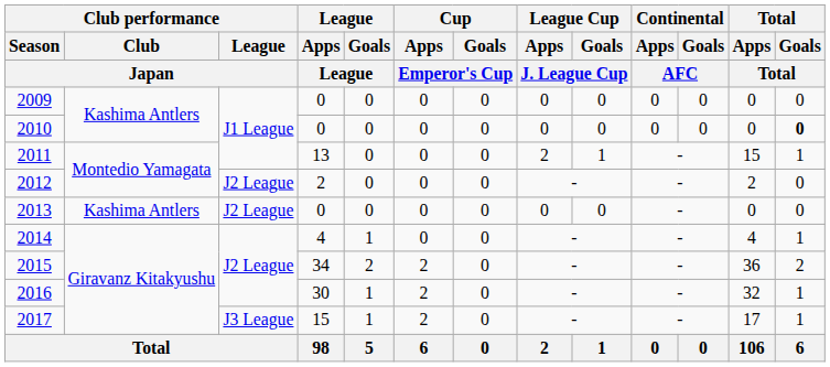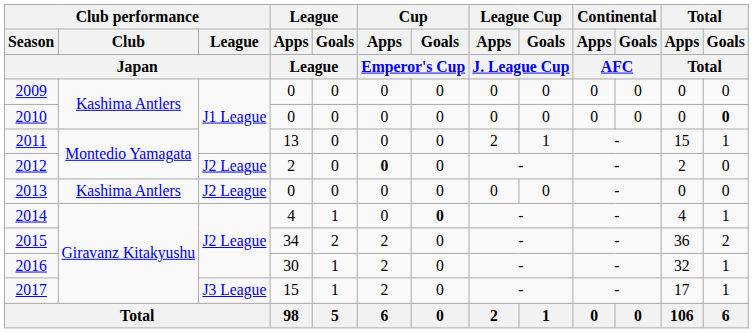 <table class="wikitable" style="text-align:center;">
 <tr>
 <th colspan=3>Club performance</th>
 <th colspan=2>League</th>
 <th colspan=2>Cup</th>
 <th colspan=2>League Cup</th>
 <th colspan=2>Continental</th>
 <th colspan=2>Total</th>
 </tr>
 <tr>
 <th>Season</th>
 <th>Club</th>
 <th>League</th>
 <th>Apps</th>
 <th>Goals</th>
 <th>Apps</th>
 <th>Goals</th>
 <th>Apps</th>
 <th>Goals</th>
 <th>Apps</th>
 <th>Goals</th>
 <th>Apps</th>
 <th>Goals</th>
 </tr>
 <tr>
 <th colspan=3>Japan</th>
 <th colspan=2>League</th>
 <th colspan=2><a href='#'>Emperor's Cup</a></th>
 <th colspan=2><a href='#'>J. League Cup</a></th>
 <th colspan=2><a href='#'>AFC</a></th>
 <th colspan=2>Total</th>
 </tr>
 <tr>
 <td><a href='#'>2009</a></td>
 <td rowspan="2"><a href='#'>Kashima Antlers</a></td>
 <td rowspan="3"><a href='#'>J1 League</a></td>
 <td>0</td>
 <td>0</td>
 <td>0</td>
 <td>0</td>
 <td>0</td>
 <td>0</td>
 <td>0</td>
 <td>0</td>
 <td>0</td>
 <td>0</td>
 </tr>
 <tr>
 <td><a href='#'>2010</a></td>
 <td>0</td>
 <td>0</td>
 <td>0</td>
 <td>0</td>
 <td>0</td>
 <td>0</td>
 <td>0</td>
 <td>0</td>
 <td>0</td>
 <td><strong>0</strong></td>
 </tr>
 <tr>
 <td><a href='#'>2011</a></td>
 <td rowspan="2"><a href='#'>Montedio Yamagata</a></td>
 <td>13</td>
 <td>0</td>
 <td>0</td>
 <td>0</td>
 <td>2</td>
 <td>1</td>
 <td colspan="2">-</td>
 <td>15</td>
 <td>1</td>
 </tr>
 <tr>
 <td><a href='#'>2012</a></td>
 <td><a href='#'>J2 League</a></td>
 <td>2</td>
 <td>0</td>
-<td>0</td>
+<td><strong>0</strong></td>
 <td>0</td>
 <td colspan="2">-</td>
 <td colspan="2">-</td>
 <td>2</td>
 <td>0</td>
 </tr>
 <tr>
 <td><a href='#'>2013</a></td>
 <td><a href='#'>Kashima Antlers</a></td>
 <td><a href='#'>J2 League</a></td>
 <td>0</td>
 <td>0</td>
 <td>0</td>
 <td>0</td>
 <td>0</td>
 <td>0</td>
 <td colspan="2">-</td>
 <td>0</td>
 <td>0</td>
 </tr>
 <tr>
 <td><a href='#'>2014</a></td>
 <td rowspan="4"><a href='#'>Giravanz Kitakyushu</a></td>
 <td rowspan="3"><a href='#'>J2 League</a></td>
 <td>4</td>
 <td>1</td>
 <td>0</td>
-<td>0</td>
+<td><strong>0</strong></td>
 <td colspan="2">-</td>
 <td colspan="2">-</td>
 <td>4</td>
 <td>1</td>
 </tr>
 <tr>
 <td><a href='#'>2015</a></td>
 <td>34</td>
 <td>2</td>
 <td>2</td>
 <td>0</td>
 <td colspan="2">-</td>
 <td colspan="2">-</td>
 <td>36</td>
 <td>2</td>
 </tr>
 <tr>
 <td><a href='#'>2016</a></td>
 <td>30</td>
 <td>1</td>
 <td>2</td>
 <td>0</td>
 <td colspan="2">-</td>
 <td colspan="2">-</td>
 <td>32</td>
 <td>1</td>
 </tr>
 <tr>
 <td><a href='#'>2017</a></td>
 <td rowspan="1"><a href='#'>J3 League</a></td>
 <td>15</td>
 <td>1</td>
 <td>2</td>
 <td>0</td>
 <td colspan="2">-</td>
 <td colspan="2">-</td>
 <td>17</td>
 <td>1</td>
 </tr>
 <tr>
 <th colspan=3>Total</th>
 <th>98</th>
 <th>5</th>
 <th>6</th>
 <th>0</th>
 <th>2</th>
 <th>1</th>
 <th>0</th>
 <th>0</th>
 <th>106</th>
 <th>6</th>
 </tr>
 </table>
